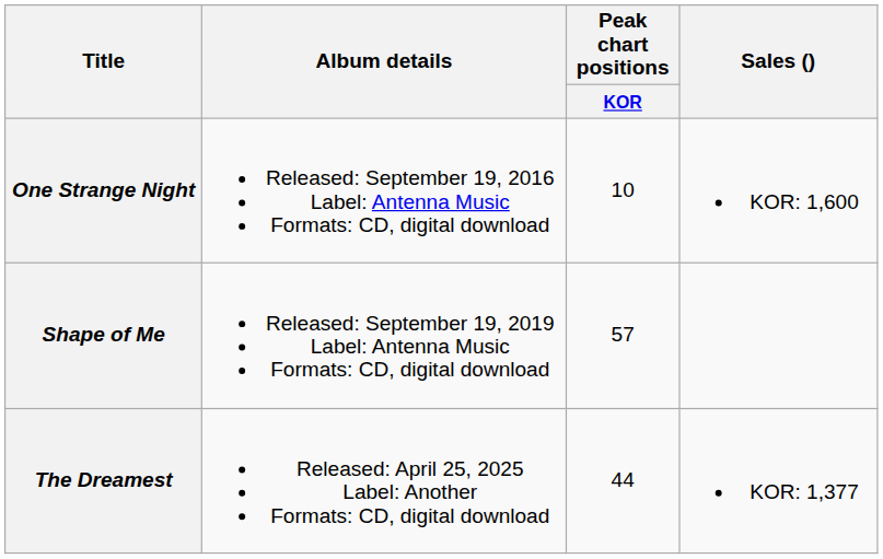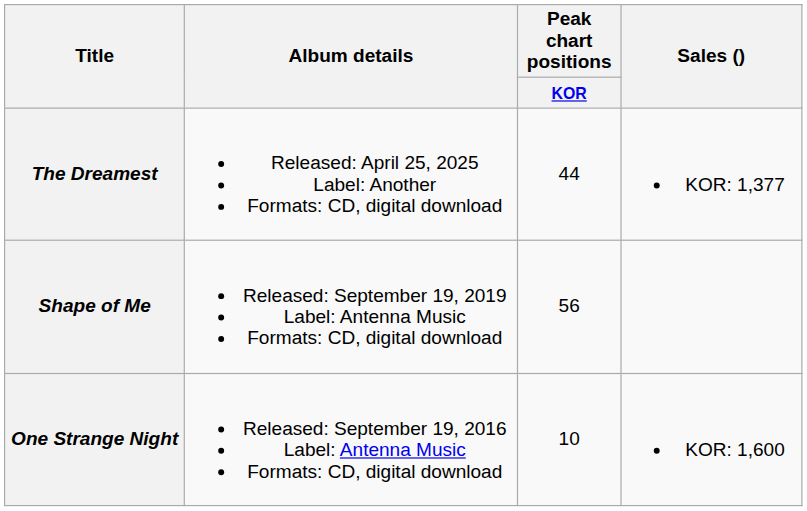 <table class="wikitable plainrowheaders" style="text-align:center;">
 <tr>
 <th scope="col" rowspan="2" style="width:9em;">Title</th>
 <th scope="col" rowspan="2" style="width:17em;">Album details</th>
 <th scope="col" colspan="1" style="width:5em;">Peak chart positions</th>
 <th scope="col" rowspan="2" style="width:9em;">Sales ()</th>
 </tr>
 <tr>
 <th><small><a href='#'>KOR</a></small><br></th>
 </tr>
 <tr>
+<th scope="row"><em>The Dreamest</em> <br></th>
+<td><br><ul><li>Released: April 25, 2025</li><li>Label: Another</li><li>Formats: CD, digital download</li></ul></td>
+<td>44</td>
+<td><br><ul><li>KOR: 1,377</li></ul></td>
+</tr>
+<tr>
+<th scope="row"><em>Shape of Me</em> <br></th>
+<td><br><ul><li>Released: September 19, 2019</li><li>Label: Antenna Music</li><li>Formats: CD, digital download</li></ul></td>
+<td>56</td>
+<td></td>
+</tr>
+<tr>
 <th scope="row"><em>One Strange Night</em> <br></th>
 <td><br><ul><li>Released: September 19, 2016</li><li>Label: <a href='#'>Antenna Music</a></li><li>Formats: CD, digital download</li></ul></td>
 <td>10</td>
 <td><br><ul><li>KOR: 1,600</li></ul></td>
 </tr>
-<tr>
-<th scope="row"><em>Shape of Me</em> <br></th>
-<td><br><ul><li>Released: September 19, 2019</li><li>Label: Antenna Music</li><li>Formats: CD, digital download</li></ul></td>
-<td>57</td>
-<td></td>
-</tr>
-<tr>
-<th scope="row"><em>The Dreamest</em> <br></th>
-<td><br><ul><li>Released: April 25, 2025</li><li>Label: Another</li><li>Formats: CD, digital download</li></ul></td>
-<td>44</td>
-<td><br><ul><li>KOR: 1,377</li></ul></td>
-</tr>
 </table>
